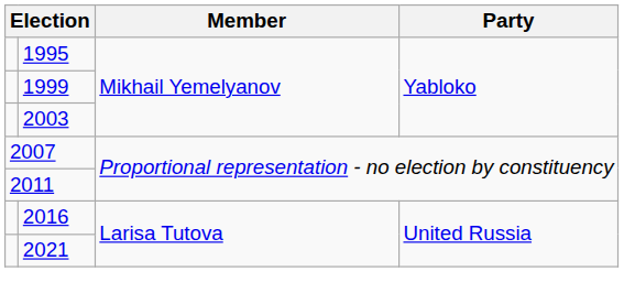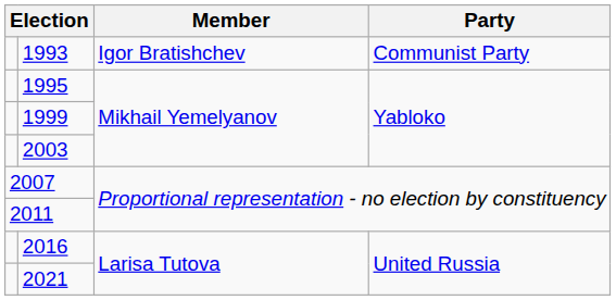 <table class="wikitable">
 <tr>
 <th colspan="2">Election</th>
 <th>Member</th>
 <th>Party</th>
+</tr>
+<tr>
+<td style="background-color:"></td>
+<td><a href='#'>1993</a></td>
+<td><a href='#'>Igor Bratishchev</a></td>
+<td><a href='#'>Communist Party</a></td>
 </tr>
 <tr>
 <td style="background-color:"></td>
 <td><a href='#'>1995</a></td>
 <td rowspan=3><a href='#'>Mikhail Yemelyanov</a></td>
 <td rowspan=3><a href='#'>Yabloko</a></td>
 </tr>
 <tr>
 <td style="background-color:"></td>
 <td><a href='#'>1999</a></td>
 </tr>
 <tr>
 <td style="background-color:"></td>
 <td><a href='#'>2003</a></td>
 </tr>
 <tr>
 <td colspan=2><a href='#'>2007</a></td>
 <td colspan=2 rowspan=2><em><a href='#'>Proportional representation</a> - no election by constituency</em></td>
 </tr>
 <tr>
 <td colspan=2><a href='#'>2011</a></td>
 </tr>
 <tr>
 <td style="background-color: "></td>
 <td><a href='#'>2016</a></td>
 <td rowspan=2><a href='#'>Larisa Tutova</a></td>
 <td rowspan=2><a href='#'>United Russia</a></td>
 </tr>
 <tr>
 <td style="background-color: "></td>
 <td><a href='#'>2021</a></td>
 </tr>
 </table>
